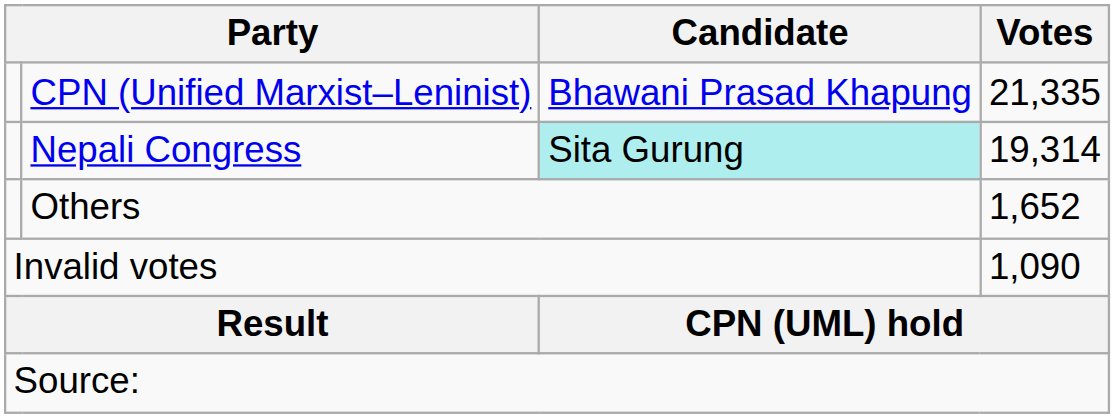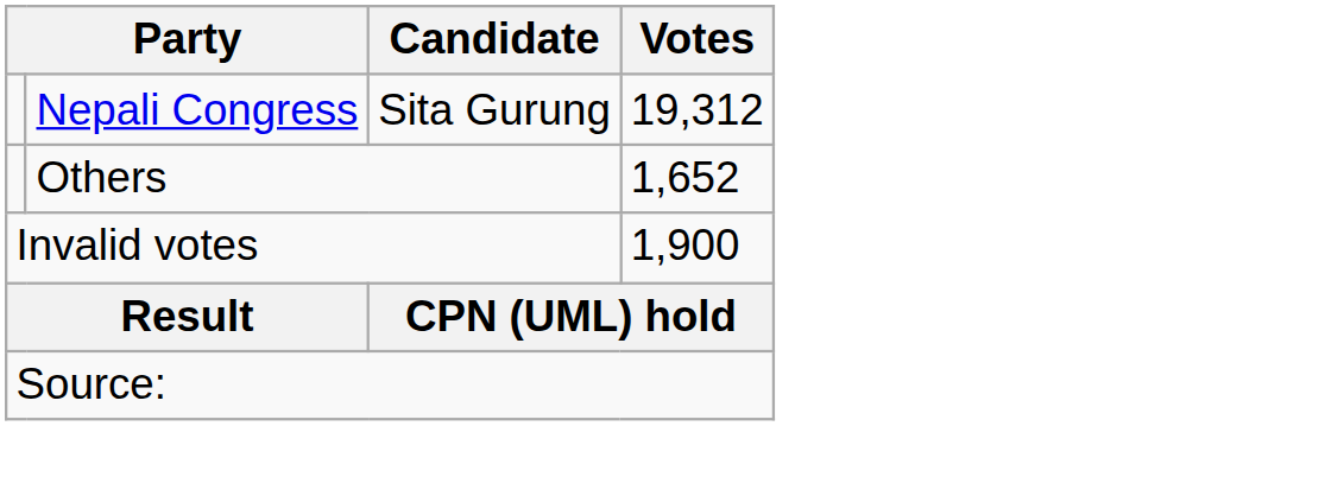 <table class="wikitable">
 <tr>
 <th colspan="2">Party</th>
 <th>Candidate</th>
 <th>Votes</th>
 </tr>
 <tr>
 <td style="background-color:"></td>
-<td><a href='#'>CPN (Unified Marxist–Leninist)</a></td>
-<td><a href='#'>Bhawani Prasad Khapung</a></td>
-<td>21,335</td>
-</tr>
-<tr>
-<td style="background-color:"></td>
 <td><a href='#'>Nepali Congress</a></td>
-<td style="background: paleturquoise;">Sita Gurung</td>
-<td>19,314</td>
+<td>Sita Gurung</td>
+<td>19,312</td>
 </tr>
 <tr>
 <td></td>
 <td colspan="2">Others</td>
 <td>1,652</td>
 </tr>
 <tr>
 <td colspan="3">Invalid votes</td>
-<td>1,090</td>
+<td>1,900</td>
 </tr>
 <tr>
 <th colspan="2">Result</th>
 <th colspan="2">CPN (UML) hold</th>
 </tr>
 <tr>
 <td colspan="4">Source: </td>
 </tr>
 </table>
